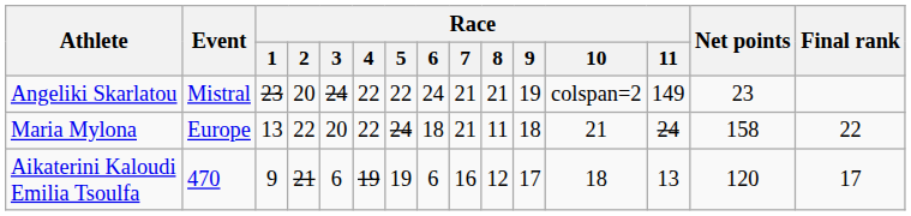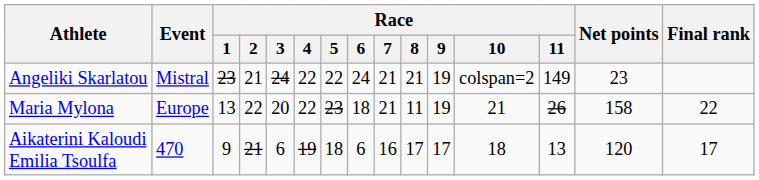 <table class="wikitable" style="font-size:90%">
 <tr>
 <th rowspan="2">Athlete</th>
 <th rowspan="2">Event</th>
 <th colspan=11>Race</th>
 <th rowspan=2>Net points</th>
 <th rowspan=2>Final rank</th>
 </tr>
 <tr style="font-size:95%">
 <th>1</th>
 <th>2</th>
 <th>3</th>
 <th>4</th>
 <th>5</th>
 <th>6</th>
 <th>7</th>
 <th>8</th>
 <th>9</th>
 <th>10</th>
 <th>11</th>
 </tr>
 <tr align=center>
 <td align=left><a href='#'>Angeliki Skarlatou</a></td>
 <td align=left><a href='#'>Mistral</a></td>
 <td><s>23</s></td>
-<td>20</td>
+<td>21</td>
 <td><s>24</s></td>
 <td>22</td>
 <td>22</td>
 <td>24</td>
 <td>21</td>
 <td>21</td>
 <td>19</td>
 <td>colspan=2 </td>
 <td>149</td>
 <td>23</td>
 </tr>
 <tr align=center>
 <td align=left><a href='#'>Maria Mylona</a></td>
 <td align=left><a href='#'>Europe</a></td>
 <td>13</td>
 <td>22</td>
 <td>20</td>
 <td>22</td>
-<td><s>24</s></td>
+<td><s>23</s></td>
 <td>18</td>
 <td>21</td>
 <td>11</td>
-<td>18</td>
+<td>19</td>
 <td>21</td>
-<td><s>24</s></td>
+<td><s>26</s></td>
 <td>158</td>
 <td>22</td>
 </tr>
 <tr align=center>
 <td align=left><a href='#'>Aikaterini Kaloudi</a><br><a href='#'>Emilia Tsoulfa</a></td>
 <td align=left><a href='#'>470</a></td>
 <td>9</td>
 <td><s>21</s></td>
 <td>6</td>
 <td><s>19</s></td>
-<td>19</td>
+<td>18</td>
 <td>6</td>
 <td>16</td>
-<td>12</td>
+<td>17</td>
 <td>17</td>
 <td>18</td>
 <td>13</td>
 <td>120</td>
 <td>17</td>
 </tr>
 </table>
